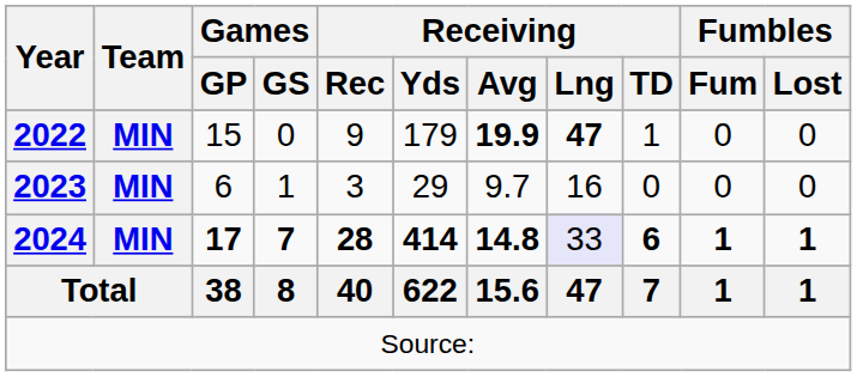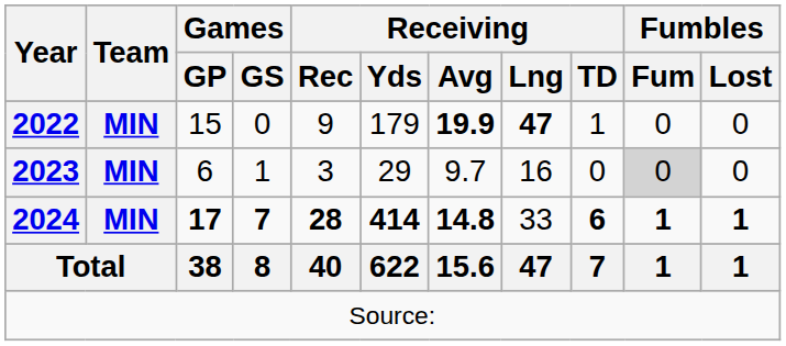 <table class="wikitable" style="text-align: center;">
 <tr>
 <th rowspan="2">Year</th>
 <th rowspan="2">Team</th>
 <th colspan="2">Games</th>
 <th colspan="5">Receiving</th>
 <th colspan="2">Fumbles</th>
 </tr>
 <tr>
 <th>GP</th>
 <th>GS</th>
 <th>Rec</th>
 <th>Yds</th>
 <th>Avg</th>
 <th>Lng</th>
 <th>TD</th>
 <th>Fum</th>
 <th>Lost</th>
 </tr>
 <tr>
 <th><a href='#'>2022</a></th>
 <th><a href='#'>MIN</a></th>
 <td>15</td>
 <td>0</td>
 <td>9</td>
 <td>179</td>
 <td><strong>19.9</strong></td>
 <td><strong>47</strong></td>
 <td>1</td>
 <td>0</td>
 <td>0</td>
 </tr>
 <tr>
 <th><a href='#'>2023</a></th>
 <th><a href='#'>MIN</a></th>
 <td>6</td>
 <td>1</td>
 <td>3</td>
 <td>29</td>
 <td>9.7</td>
 <td>16</td>
 <td>0</td>
-<td>0</td>
+<td style="background: lightgrey;">0</td>
 <td>0</td>
 </tr>
 <tr>
 <th><a href='#'>2024</a></th>
 <th><a href='#'>MIN</a></th>
 <td><strong>17</strong></td>
 <td><strong>7</strong></td>
 <td><strong>28</strong></td>
 <td><strong>414</strong></td>
 <td><strong>14.8</strong></td>
-<td style="background: lavender;">33</td>
+<td>33</td>
 <td><strong>6</strong></td>
 <td><strong>1</strong></td>
 <td><strong>1</strong></td>
 </tr>
 <tr>
 <th colspan="2">Total</th>
 <th>38</th>
 <th>8</th>
 <th>40</th>
 <th>622</th>
 <th>15.6</th>
 <th>47</th>
 <th>7</th>
 <th>1</th>
 <th>1</th>
 </tr>
 <tr>
 <td colspan="11"><small>Source: </small></td>
 </tr>
 </table>
